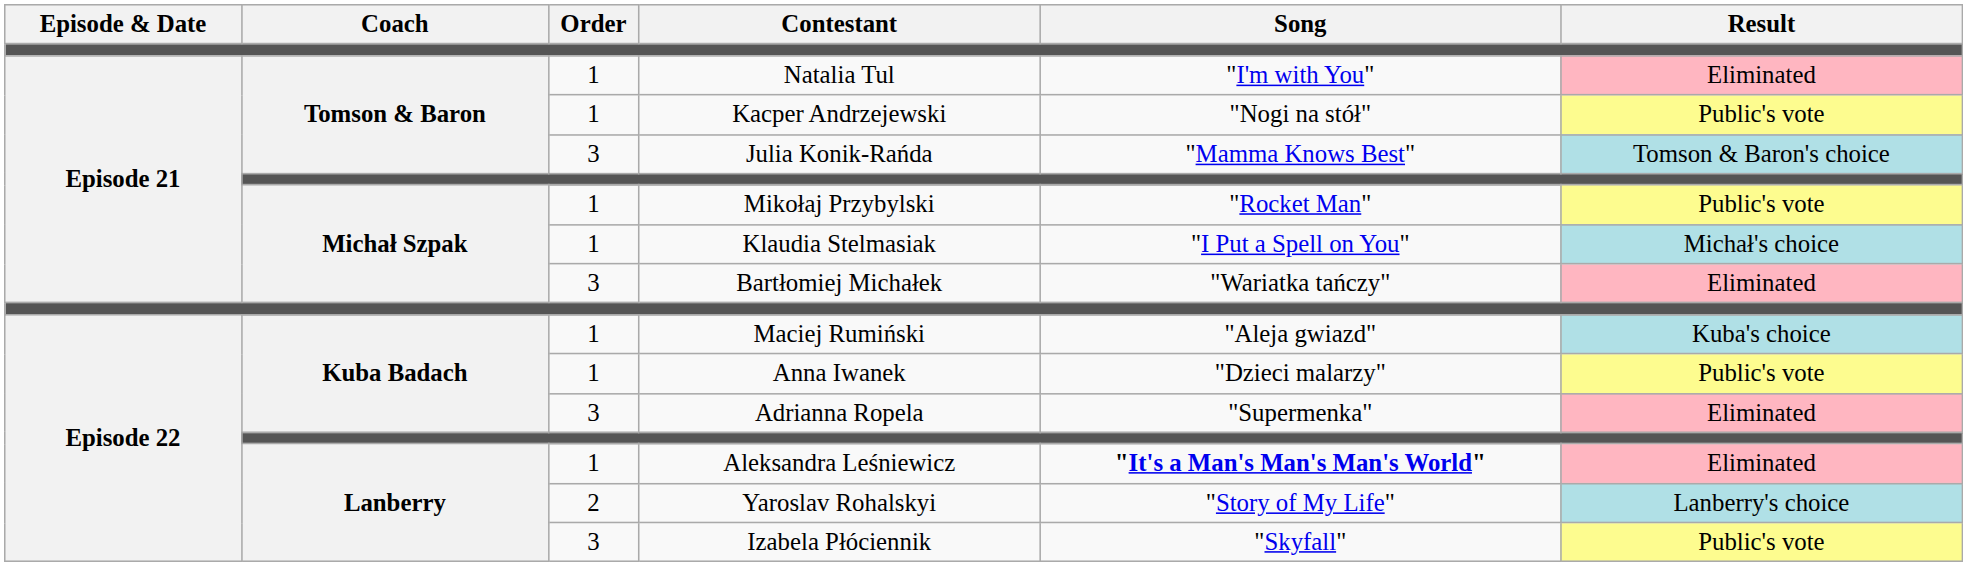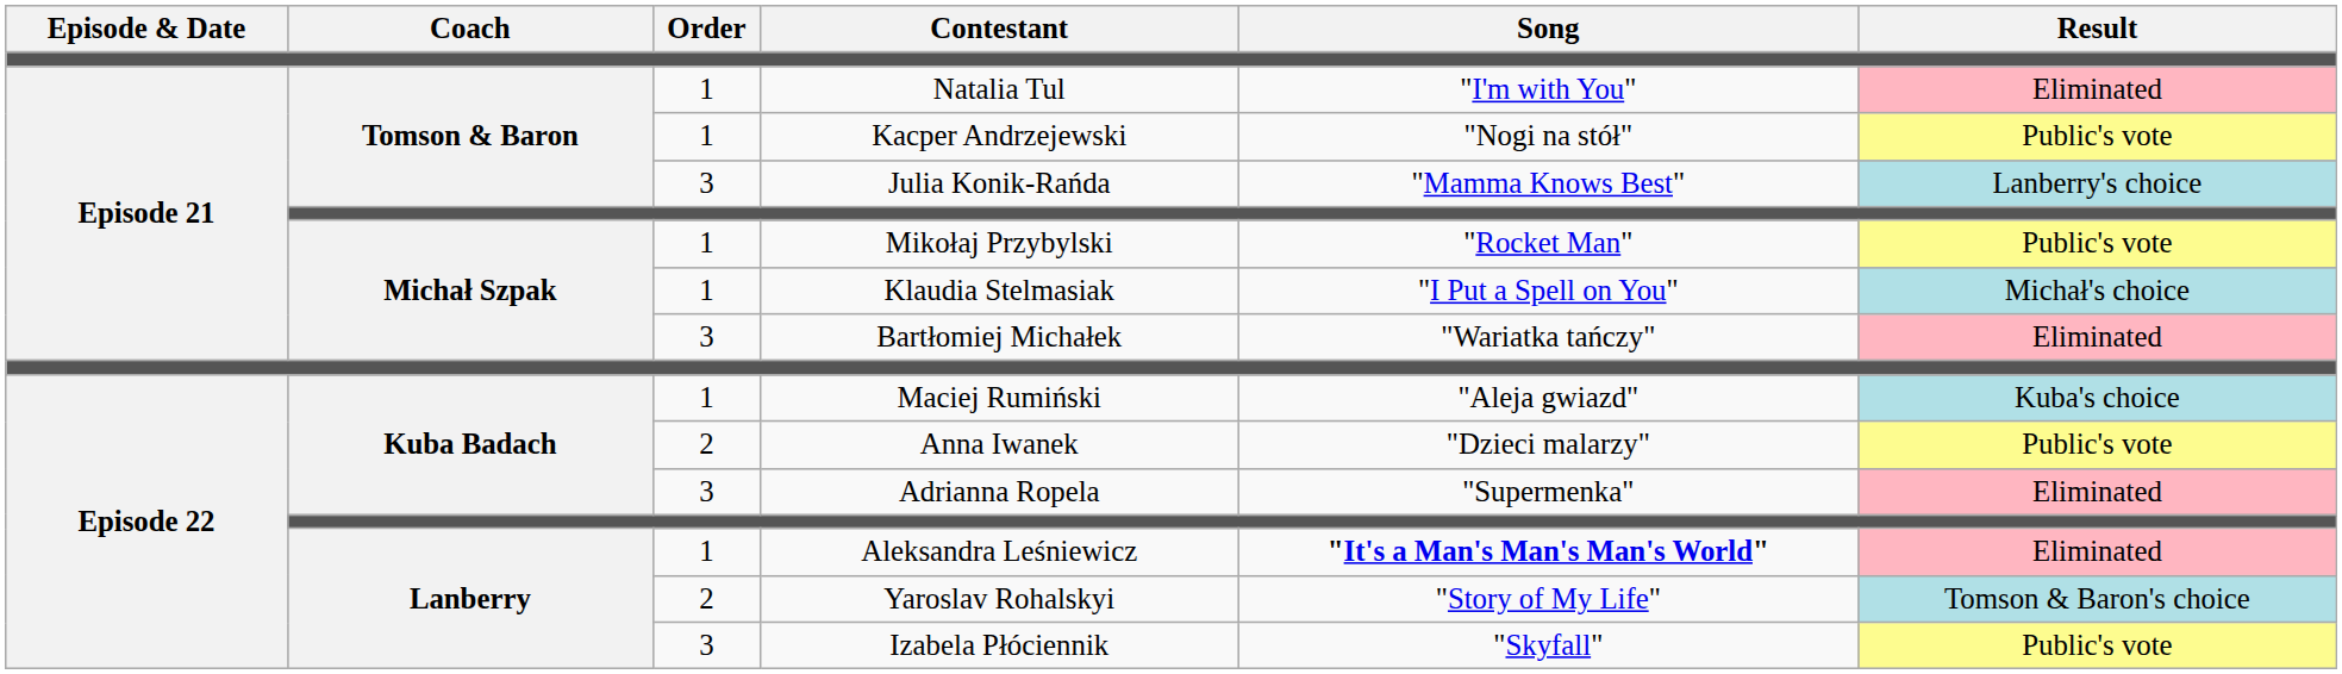 <table class="wikitable" style="text-align:center; width:100%">
 <tr>
 <th scope="col" style="width:10%">Episode & Date</th>
 <th scope="col" style="width:13%">Coach</th>
 <th scope="col" style="width:03%">Order</th>
 <th scope="col" style="width:17%">Contestant</th>
 <th scope="col" style="width:22%">Song</th>
 <th scope="col" style="width:17%">Result</th>
 </tr>
 <tr>
 <td colspan="10" style="background:#555"></td>
 </tr>
 <tr>
 <th rowspan="7">Episode 21 </th>
 <th rowspan="3">Tomson & Baron</th>
 <td>1</td>
 <td>Natalia Tul</td>
 <td>"<a href='#'>I'm with You</a>"</td>
 <td style="background:lightpink">Eliminated</td>
 </tr>
 <tr>
 <td>1</td>
 <td>Kacper Andrzejewski</td>
 <td>"Nogi na stół" </td>
 <td style="background:#fdfc8f">Public's vote</td>
 </tr>
 <tr>
 <td>3</td>
 <td>Julia Konik-Rańda</td>
 <td>"<a href='#'>Mamma Knows Best</a>"</td>
-<td style="background:#b0e0e6">Tomson & Baron's choice</td>
+<td style="background:#b0e0e6">Lanberry's choice</td>
 </tr>
 <tr>
 <td colspan="10" style="background:#555"></td>
 </tr>
 <tr>
 <th rowspan="3">Michał Szpak</th>
 <td>1</td>
 <td>Mikołaj Przybylski</td>
 <td>"<a href='#'>Rocket Man</a>"</td>
 <td style="background:#fdfc8f">Public's vote</td>
 </tr>
 <tr>
 <td>1</td>
 <td>Klaudia Stelmasiak</td>
 <td>"<a href='#'>I Put a Spell on You</a>"</td>
 <td style="background:#b0e0e6">Michał's choice</td>
 </tr>
 <tr>
 <td>3</td>
 <td>Bartłomiej Michałek</td>
 <td>"Wariatka tańczy" </td>
 <td style="background:lightpink">Eliminated</td>
 </tr>
 <tr>
 <td colspan="10" style="background:#555"></td>
 </tr>
 <tr>
 <th rowspan="10">Episode 22 </th>
 </tr>
 <tr>
 <th rowspan="3">Kuba Badach</th>
 <td>1</td>
 <td>Maciej Rumiński</td>
 <td>"Aleja gwiazd" </td>
 <td style="background:#b0e0e6">Kuba's choice</td>
 </tr>
 <tr>
-<td>1</td>
+<td>2</td>
 <td>Anna Iwanek</td>
 <td>"Dzieci malarzy" </td>
 <td style="background:#fdfc8f">Public's vote</td>
 </tr>
 <tr>
 <td>3</td>
 <td>Adrianna Ropela</td>
 <td>"Supermenka" </td>
 <td style="background:lightpink">Eliminated</td>
 </tr>
 <tr>
 <td colspan="10" style="background:#555"></td>
 </tr>
 <tr>
 <th rowspan="3">Lanberry</th>
 <td>1</td>
 <td>Aleksandra Leśniewicz</td>
 <td><strong>"<a href='#'>It's a Man's Man's Man's World</a>"</strong></td>
 <td style="background:lightpink">Eliminated</td>
 </tr>
 <tr>
 <td>2</td>
 <td>Yaroslav Rohalskyi</td>
 <td>"<a href='#'>Story of My Life</a>"</td>
-<td style="background:#b0e0e6">Lanberry's choice</td>
+<td style="background:#b0e0e6">Tomson & Baron's choice</td>
 </tr>
 <tr>
 <td>3</td>
 <td>Izabela Płóciennik</td>
 <td>"<a href='#'>Skyfall</a>"</td>
 <td style="background:#fdfc8f">Public's vote</td>
 </tr>
 </table>
